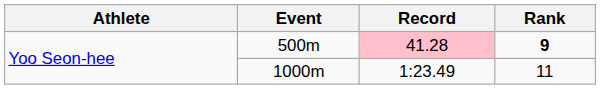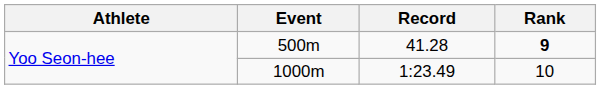 <table class=wikitable style="font-size:90%; text-align:center; width:40%">
 <tr>
 <th>Athlete</th>
 <th>Event</th>
 <th>Record</th>
 <th>Rank</th>
 </tr>
 <tr>
 <td rowspan=2 align=left><a href='#'>Yoo Seon-hee</a></td>
 <td>500m</td>
-<td style="background: pink;">41.28</td>
+<td>41.28</td>
 <td><strong>9</strong></td>
 </tr>
 <tr>
 <td>1000m</td>
 <td>1:23.49</td>
-<td>11</td>
+<td>10</td>
 </tr>
 </table>
